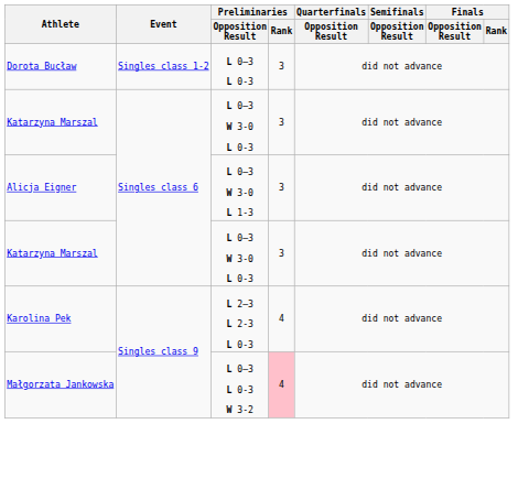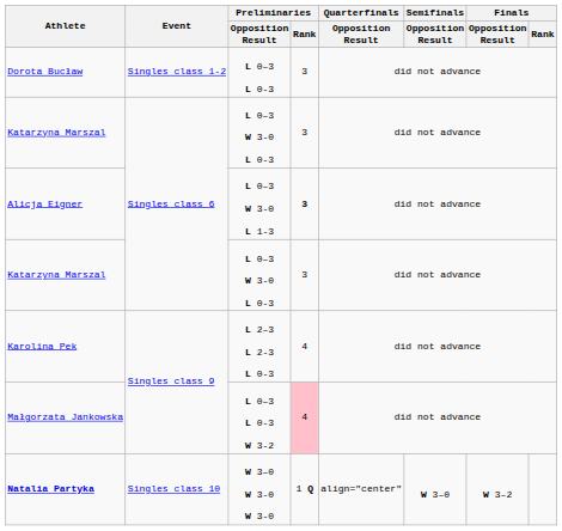 <table class=wikitable>
 <tr>
 <th rowspan="2">Athlete</th>
 <th rowspan="2">Event</th>
 <th colspan="2">Preliminaries</th>
 <th>Quarterfinals</th>
 <th>Semifinals</th>
 <th colspan="2">Finals</th>
 </tr>
 <tr>
 <th>Opposition<br>Result</th>
 <th>Rank</th>
 <th>Opposition<br>Result</th>
 <th>Opposition<br>Result</th>
 <th>Opposition<br>Result</th>
 <th>Rank</th>
 </tr>
 <tr>
 <td><a href='#'>Dorota Bucław</a></td>
 <td><a href='#'>Singles class 1-2</a></td>
 <td align="center"><br><strong>L</strong> 0–3<br><br><strong>L</strong> 0-3</td>
 <td align="center">3</td>
 <td align="center" colspan="4">did not advance</td>
 </tr>
 <tr>
 <td><a href='#'>Katarzyna Marszal</a></td>
 <td rowspan="3"><a href='#'>Singles class 6</a></td>
 <td align="center"><br><strong>L</strong> 0–3<br><br><strong>W</strong> 3-0<br><br><strong>L</strong> 0-3</td>
 <td align="center">3</td>
 <td align="center" colspan="4">did not advance</td>
 </tr>
 <tr>
 <td><a href='#'>Alicja Eigner</a></td>
 <td align="center"><br><strong>L</strong> 0–3<br><br><strong>W</strong> 3-0<br><br><strong>L</strong> 1-3</td>
-<td align="center">3</td>
+<td align="center"><strong>3</strong></td>
 <td align="center" colspan="4">did not advance</td>
 </tr>
 <tr>
 <td><a href='#'>Katarzyna Marszal</a></td>
 <td align="center"><br><strong>L</strong> 0–3<br><br><strong>W</strong> 3-0<br><br><strong>L</strong> 0-3</td>
 <td align="center">3</td>
 <td align="center" colspan="4">did not advance</td>
 </tr>
 <tr>
 <td><a href='#'>Karolina Pek</a></td>
 <td rowspan="2"><a href='#'>Singles class 9</a></td>
 <td align="center"><br><strong>L</strong> 2–3<br><br><strong>L</strong> 2-3<br><br><strong>L</strong> 0-3</td>
 <td align="center">4</td>
 <td align="center" colspan="4">did not advance</td>
 </tr>
 <tr>
 <td><a href='#'>Małgorzata Jankowska</a></td>
 <td align="center"><br><strong>L</strong> 0–3<br><br><strong>L</strong> 0-3<br><br><strong>W</strong> 3-2</td>
 <td align="center" style="background: pink;">4</td>
 <td align="center" colspan="4">did not advance</td>
 </tr>
+<tr>
+<td><strong><a href='#'>Natalia Partyka</a></strong></td>
+<td><a href='#'>Singles class 10</a></td>
+<td align="center"><br><strong>W</strong> 3–0<br><br><strong>W</strong> 3-0<br><br><strong>W</strong> 3-0</td>
+<td align="center">1 <strong>Q</strong></td>
+<td>align="center" </td>
+<td align="center"><br><strong>W</strong> 3–0</td>
+<td align="center"><br><strong>W</strong> 3–2</td>
+<td align="center"></td>
+</tr>
 </table>
